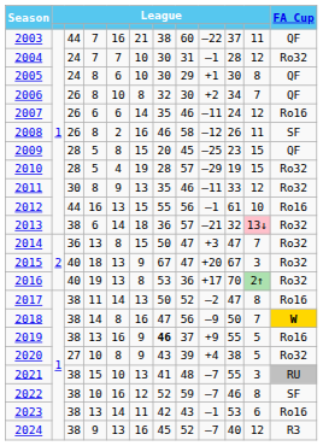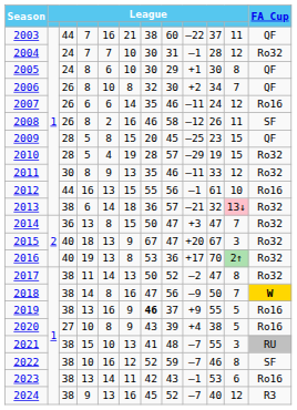 <table class="wikitable" style="text-align:center;font-size:100%;">
 <tr class="unsortable">
 <th rowspan="2" style="color:#FFFFFF; background:#56c7ef">Season</th>
 <th colspan="10" style="color:#FFFFFF; background:#56c7ef">League</th>
 <th rowspan="2" style="color:#FFFFFF; background:#56c7ef"><a href='#'><span>FA Cup</span></a></th>
 </tr>
 <tr>
 <th scope="col" style="color:#FFFFFF; background:#56c7ef"></th>
 <th scope="col" style="color:#FFFFFF; background:#56c7ef"></th>
 <th width="20" style="color:#FFFFFF; background:#56c7ef"></th>
 <th width="20" scope="col" style="color:#FFFFFF; background:#56c7ef;"></th>
 <th width="20" scope="col" style="color:#FFFFFF; background:#56c7ef;"></th>
 <th width="20" scope="col" style="color:#FFFFFF; background:#56c7ef;"></th>
 <th width="20" scope="col" style="color:#FFFFFF; background:#56c7ef;"></th>
 <th width="20" scope="col" style="color:#FFFFFF; background:#56c7ef;"></th>
 <th scope="col" style="color:#FFFFFF; background:#56c7ef;"></th>
 <th scope="col" style="color:#FFFFFF; background:#56c7ef;"></th>
 </tr>
 <tr>
 <td><a href='#'>2003</a></td>
 <td rowspan="11"><a href='#'>1</a></td>
 <td>44</td>
 <td>7</td>
 <td>16</td>
 <td>21</td>
 <td>38</td>
 <td>60</td>
 <td>–22</td>
 <td>37</td>
 <td>11</td>
 <td>QF</td>
 </tr>
 <tr>
 <td><a href='#'>2004</a></td>
 <td>24</td>
 <td>7</td>
 <td>7</td>
 <td>10</td>
 <td>30</td>
 <td>31</td>
 <td>–1</td>
 <td>28</td>
 <td>12</td>
 <td>Ro32</td>
 </tr>
 <tr>
 <td><a href='#'>2005</a></td>
 <td>24</td>
 <td>8</td>
 <td>6</td>
 <td>10</td>
 <td>30</td>
 <td>29</td>
 <td>+1</td>
 <td>30</td>
 <td>8</td>
 <td>QF</td>
 </tr>
 <tr>
 <td><a href='#'>2006</a></td>
 <td>26</td>
 <td>8</td>
 <td>10</td>
 <td>8</td>
 <td>32</td>
 <td>30</td>
 <td>+2</td>
 <td>34</td>
 <td>7</td>
 <td>QF</td>
 </tr>
 <tr>
 <td><a href='#'>2007</a></td>
 <td>26</td>
 <td>6</td>
 <td>6</td>
 <td>14</td>
 <td>35</td>
 <td>46</td>
 <td>–11</td>
 <td>24</td>
 <td>12</td>
 <td>Ro16</td>
 </tr>
 <tr>
 <td><a href='#'>2008</a></td>
 <td>26</td>
 <td>8</td>
 <td>2</td>
 <td>16</td>
 <td>46</td>
 <td>58</td>
 <td>–12</td>
 <td>26</td>
 <td>11</td>
 <td>SF</td>
 </tr>
 <tr>
 <td><a href='#'>2009</a></td>
 <td>28</td>
 <td>5</td>
 <td>8</td>
 <td>15</td>
 <td>20</td>
 <td>45</td>
 <td>–25</td>
 <td>23</td>
 <td>15</td>
 <td>QF</td>
 </tr>
 <tr>
 <td><a href='#'>2010</a></td>
 <td>28</td>
 <td>5</td>
 <td>4</td>
 <td>19</td>
 <td>28</td>
 <td>57</td>
 <td>–29</td>
 <td>19</td>
 <td>15</td>
 <td>Ro32</td>
 </tr>
 <tr>
 <td><a href='#'>2011</a></td>
 <td>30</td>
 <td>8</td>
 <td>9</td>
 <td>13</td>
 <td>35</td>
 <td>46</td>
 <td>–11</td>
 <td>33</td>
 <td>12</td>
 <td>Ro32</td>
 </tr>
 <tr>
 <td><a href='#'>2012</a></td>
 <td>44</td>
 <td>16</td>
 <td>13</td>
 <td>15</td>
 <td>55</td>
 <td>56</td>
 <td>–1</td>
 <td>61</td>
 <td>10</td>
 <td>Ro16</td>
 </tr>
 <tr>
 <td><a href='#'>2013</a></td>
 <td>38</td>
 <td>6</td>
 <td>14</td>
 <td>18</td>
 <td>36</td>
 <td>57</td>
 <td>–21</td>
 <td>32</td>
 <td bgcolor=pink>13↓</td>
 <td>Ro32</td>
 </tr>
 <tr>
 <td><a href='#'>2014</a></td>
 <td rowspan="3"><a href='#'>2</a></td>
 <td>36</td>
 <td>13</td>
 <td>8</td>
 <td>15</td>
 <td>50</td>
 <td>47</td>
 <td>+3</td>
 <td>47</td>
 <td>7</td>
 <td>Ro32</td>
 </tr>
 <tr>
 <td><a href='#'>2015</a></td>
 <td>40</td>
 <td>18</td>
 <td>13</td>
 <td>9</td>
 <td>67</td>
 <td>47</td>
 <td>+20</td>
 <td>67</td>
 <td>3</td>
 <td>Ro32</td>
 </tr>
 <tr>
 <td><a href='#'>2016</a></td>
 <td>40</td>
 <td>19</td>
 <td>13</td>
 <td>8</td>
 <td>53</td>
 <td>36</td>
 <td>+17</td>
 <td>70</td>
 <td style="background-color:#ACE1AF">2↑</td>
 <td>Ro32</td>
 </tr>
 <tr>
 <td><a href='#'>2017</a></td>
 <td rowspan="8"><a href='#'>1</a></td>
 <td>38</td>
 <td>11</td>
 <td>14</td>
 <td>13</td>
 <td>50</td>
 <td>52</td>
 <td>–2</td>
 <td>47</td>
 <td>8</td>
-<td>Ro16</td>
+<td>Ro32</td>
 </tr>
 <tr>
 <td><a href='#'>2018</a></td>
 <td>38</td>
 <td>14</td>
 <td>8</td>
 <td>16</td>
 <td>47</td>
 <td>56</td>
 <td>–9</td>
 <td>50</td>
 <td>7</td>
 <td bgcolor=gold><strong>W</strong></td>
 </tr>
 <tr>
 <td><a href='#'>2019</a></td>
 <td>38</td>
 <td>13</td>
 <td>16</td>
 <td>9</td>
 <td><strong>46</strong></td>
 <td>37</td>
 <td>+9</td>
 <td>55</td>
 <td>5</td>
 <td>Ro16</td>
 </tr>
 <tr>
 <td><a href='#'>2020</a></td>
 <td>27</td>
 <td>10</td>
 <td>8</td>
 <td>9</td>
 <td>43</td>
 <td>39</td>
 <td>+4</td>
 <td>38</td>
 <td>5</td>
-<td>Ro32</td>
+<td>Ro16</td>
 </tr>
 <tr>
 <td><a href='#'>2021</a></td>
 <td>38</td>
 <td>15</td>
 <td>10</td>
 <td>13</td>
 <td>41</td>
 <td>48</td>
 <td>–7</td>
 <td>55</td>
 <td>3</td>
 <td style="background:silver;">RU</td>
 </tr>
 <tr>
 <td><a href='#'>2022</a></td>
 <td>38</td>
 <td>10</td>
 <td>16</td>
 <td>12</td>
 <td>52</td>
 <td>59</td>
 <td>–7</td>
 <td>46</td>
 <td>8</td>
 <td>SF</td>
 </tr>
 <tr>
 <td><a href='#'>2023</a></td>
 <td>38</td>
 <td>13</td>
 <td>14</td>
 <td>11</td>
 <td>42</td>
 <td>43</td>
 <td>–1</td>
 <td>53</td>
 <td>6</td>
 <td>Ro16</td>
 </tr>
 <tr>
 <td><a href='#'>2024</a></td>
 <td>38</td>
 <td>9</td>
 <td>13</td>
 <td>16</td>
 <td>45</td>
 <td>52</td>
 <td>–7</td>
 <td>40</td>
 <td>12</td>
 <td>R3</td>
 </tr>
 </table>
